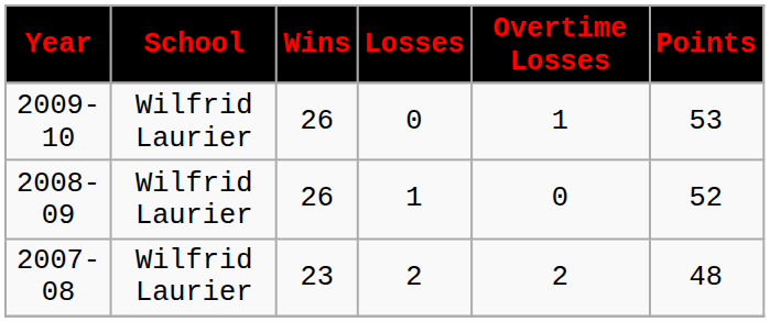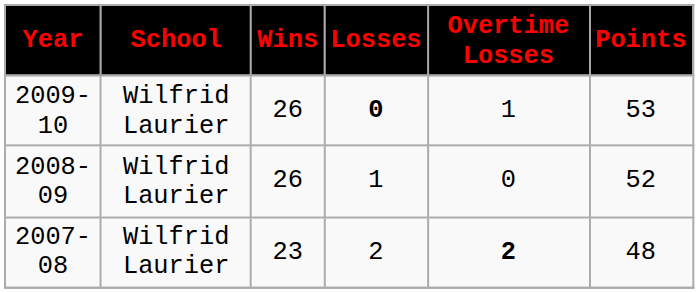 <table class="wikitable" width="40%">
 <tr align="center"  style="background:black;color:red;">
 <td><strong>Year</strong></td>
 <td><strong>School</strong></td>
 <td><strong>Wins</strong></td>
 <td><strong>Losses</strong></td>
 <td><strong>Overtime Losses</strong></td>
 <td><strong>Points</strong></td>
 </tr>
 <tr align="center" bgcolor="">
 <td>2009-10</td>
 <td>Wilfrid Laurier</td>
 <td>26</td>
-<td>0</td>
+<td><strong>0</strong></td>
 <td>1</td>
 <td>53</td>
 </tr>
 <tr align="center" bgcolor="">
 <td>2008-09</td>
 <td>Wilfrid Laurier</td>
 <td>26</td>
 <td>1</td>
 <td>0</td>
 <td>52</td>
 </tr>
 <tr align="center" bgcolor="">
 <td>2007-08</td>
 <td>Wilfrid Laurier</td>
 <td>23</td>
 <td>2</td>
-<td>2</td>
+<td><strong>2</strong></td>
 <td>48</td>
 </tr>
 <tr align="center" bgcolor="">
 </tr>
 </table>
